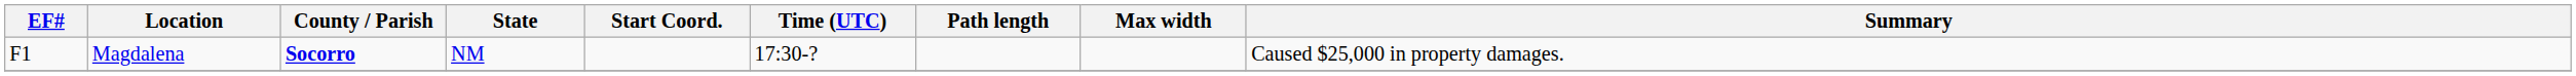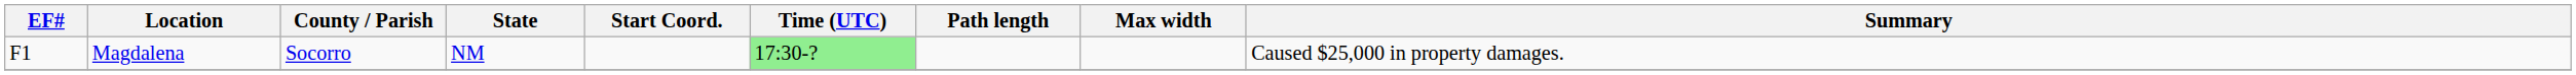 <table class="wikitable sortable" style="width:100%;">
 <tr>
 <th scope="col"  style="width:3%; text-align:center;"><a href='#'>EF#</a></th>
 <th scope="col"  style="width:7%; text-align:center;" class="unsortable">Location</th>
 <th scope="col"  style="width:6%; text-align:center;" class="unsortable">County / Parish</th>
 <th scope="col"  style="width:5%; text-align:center;">State</th>
 <th scope="col"  style="width:6%; text-align:center;">Start Coord.</th>
 <th scope="col"  style="width:6%; text-align:center;">Time (<a href='#'>UTC</a>)</th>
 <th scope="col"  style="width:6%; text-align:center;">Path length</th>
 <th scope="col"  style="width:6%; text-align:center;">Max width</th>
 <th scope="col" class="unsortable" style="width:48%; text-align:center;">Summary</th>
 </tr>
 <tr>
 <td bgcolor=>F1</td>
 <td><a href='#'>Magdalena</a></td>
-<td><strong><a href='#'>Socorro</a></strong></td>
+<td><a href='#'>Socorro</a></td>
 <td><a href='#'>NM</a></td>
 <td></td>
-<td>17:30-?</td>
+<td style="background: lightgreen;">17:30-?</td>
 <td></td>
 <td></td>
 <td>Caused $25,000 in property damages.</td>
 </tr>
 <tr>
 </tr>
 </table>
